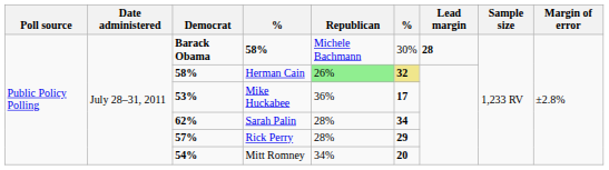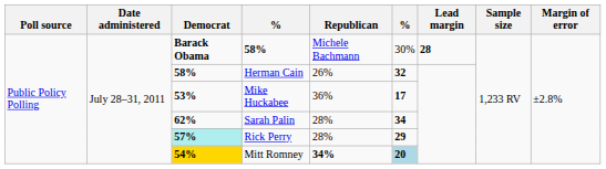 <table class="wikitable">
 <tr valign=bottom>
 <th>Poll source</th>
 <th>Date administered</th>
 <th>Democrat</th>
 <th>%</th>
 <th>Republican</th>
 <th>%</th>
 <th>Lead margin</th>
 <th>Sample size</th>
 <th>Margin of error</th>
 </tr>
 <tr>
 <td rowspan=6><a href='#'>Public Policy Polling</a></td>
 <td rowspan=6>July 28–31, 2011</td>
 <td><strong>Barack Obama</strong></td>
 <td><strong>58%</strong></td>
 <td><a href='#'>Michele Bachmann</a></td>
 <td>30%</td>
 <td><strong>28</strong></td>
 <td rowspan=6>1,233 RV</td>
 <td rowspan=6>±2.8%</td>
 </tr>
 <tr>
 <td><strong>58%</strong></td>
 <td><a href='#'>Herman Cain</a></td>
-<td style="background: lightgreen;">26%</td>
-<td style="background: khaki;"><strong>32</strong></td>
+<td>26%</td>
+<td><strong>32</strong></td>
 </tr>
 <tr>
 <td><strong>53%</strong></td>
 <td><a href='#'>Mike Huckabee</a></td>
 <td>36%</td>
 <td><strong>17</strong></td>
 </tr>
 <tr>
 <td><strong>62%</strong></td>
 <td><a href='#'>Sarah Palin</a></td>
 <td>28%</td>
 <td><strong>34</strong></td>
 </tr>
 <tr>
-<td><strong>57%</strong></td>
+<td style="background: paleturquoise;"><strong>57%</strong></td>
 <td><a href='#'>Rick Perry</a></td>
 <td>28%</td>
 <td><strong>29</strong></td>
 </tr>
 <tr>
-<td><strong>54%</strong></td>
+<td style="background: gold;"><strong>54%</strong></td>
 <td>Mitt Romney</td>
-<td>34%</td>
-<td><strong>20</strong></td>
+<td><strong>34%</strong></td>
+<td style="background: lightblue;"><strong>20</strong></td>
 </tr>
 </table>
